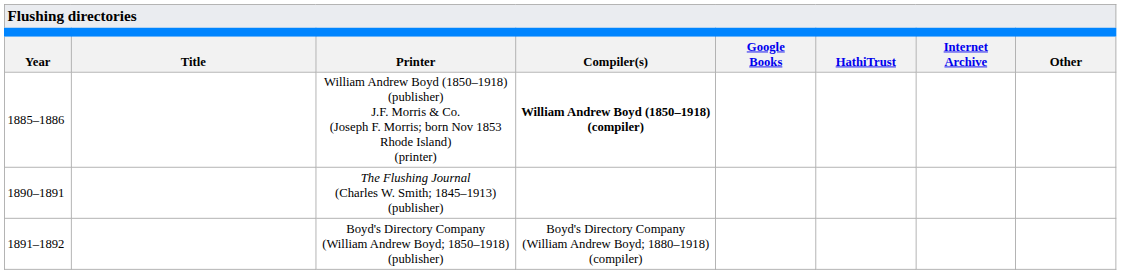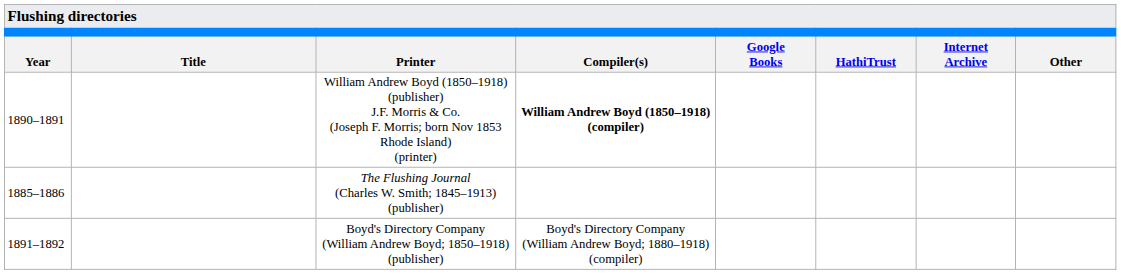 <table class="wikitable sortable collapsible static-row-numbers" cellpadding="1" style="color: black; background-color: #FFFFFF; font-size: 90%; width:100%;">
 <tr class="static-row-header" style="text-align:center;vertical-align:bottom;">
 <th style="text-align:left; background:#eaecf0; border-style: solid; border-width: 0px 0px 0px 0px;" colspan=8><big><strong>Flushing directories</strong></big></th>
 </tr>
 <tr class="static-row-header" style="text-align:center;vertical-align:bottom;border-style: solid; border-color: #0085ff; border-width: 10px 0px 0px 0px;">
 <th>Year</th>
 <th>Title</th>
 <th>Printer</th>
 <th>Compiler(s)</th>
 <th><a href='#'>Google<br>Books</a></th>
 <th><a href='#'>HathiTrust</a></th>
 <th><a href='#'>Internet<br>Archive</a></th>
 <th>Other</th>
 </tr>
 <tr>
-<td width="6%;" data-sort-value="1885">1885–1886</td>
+<td width="6%;" data-sort-value="1890">1890–1891</td>
 <td width="22%" data-sort-value="boyd's flushing 1885"></td>
 <td style="text-align:center" width="18%" data-sort-value="boyd 1885">William Andrew Boyd (1850–1918)<br>(publisher)<br>J.F. Morris & Co.<br>(Joseph F. Morris; born Nov 1853 Rhode Island)<br>(printer)</td>
 <td style="text-align:center" width="18%"data-sort-value="boyd 1885"><strong>William Andrew Boyd (1850–1918)<br>(compiler)</strong></td>
 <td style="text-align:center" width="9%"></td>
 <td style="text-align:center" width="9%"></td>
 <td style="text-align:center" width="9%" data-sort-value="allen county 1890"></td>
 <td style="text-align:center" width="9%"></td>
 </tr>
 <tr>
-<td width="6%;" data-sort-value="1890">1890–1891</td>
+<td width="6%;" data-sort-value="1885">1885–1886</td>
 <td width="22%" data-sort-value="flushing village 1890"></td>
 <td style="text-align:center" width="18%" data-sort-value="flushing journal 1890"><em>The Flushing Journal</em><br>(Charles W. Smith; 1845–1913)<br>(publisher)</td>
 <td style="text-align:center" width="18%"></td>
 <td style="text-align:center" width="9%"></td>
 <td style="text-align:center" width="9%"></td>
 <td style="text-align:center" width="9%" data-sort-value="allen county 1890"></td>
 <td style="text-align:center" width="9%"></td>
 </tr>
 <tr>
 <td width="6%;" data-sort-value="1891">1891–1892</td>
 <td width="22%" data-sort-value="flushing directory 1891"></td>
 <td style="text-align:center" width="18%" data-sort-value="boyd 1891">Boyd's Directory Company<br>(William Andrew Boyd; 1850–1918)<br>(publisher)</td>
 <td style="text-align:center" width="18%"data-sort-value="boyd 1891">Boyd's Directory Company<br>(William Andrew Boyd; 1880–1918)<br>(compiler)</td>
 <td style="text-align:center" width="9%"></td>
 <td style="text-align:center" width="9%"></td>
 <td style="text-align:center" width="9%" data-sort-value="allen county 1890"></td>
 <td style="text-align:center" width="9%"></td>
 </tr>
 </table>
